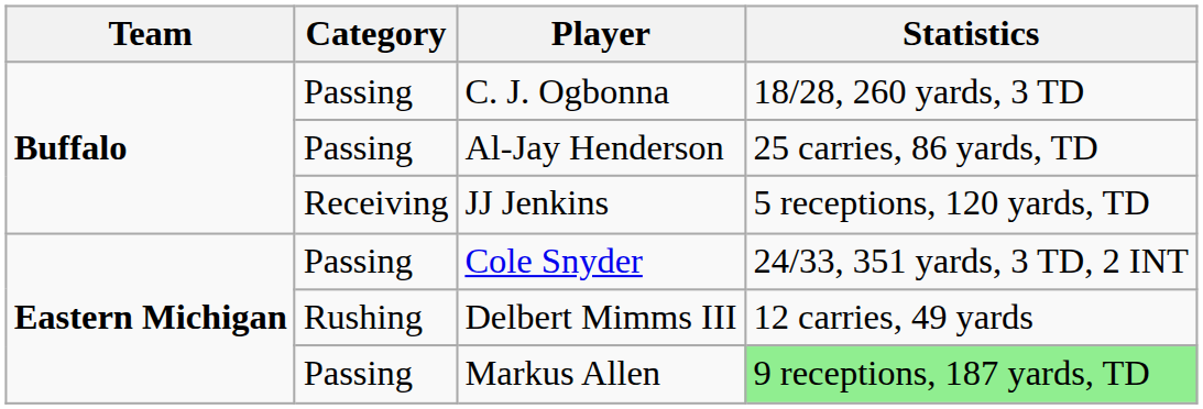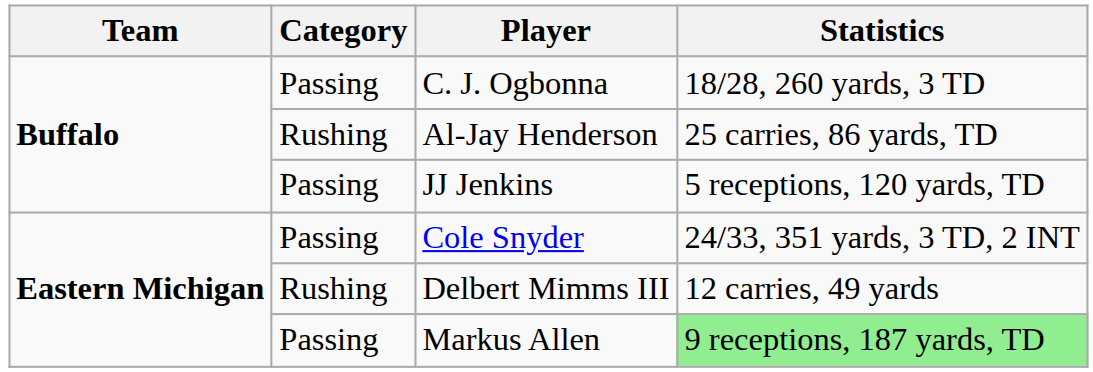 <table class="wikitable" style="float: right;">
 <tr>
 <th>Team</th>
 <th>Category</th>
 <th>Player</th>
 <th>Statistics</th>
 </tr>
 <tr>
 <td rowspan=3><strong>Buffalo</strong></td>
 <td>Passing</td>
 <td>C. J. Ogbonna</td>
 <td>18/28, 260 yards, 3 TD</td>
 </tr>
 <tr>
-<td>Passing</td>
+<td>Rushing</td>
 <td>Al-Jay Henderson</td>
 <td>25 carries, 86 yards, TD</td>
 </tr>
 <tr>
-<td>Receiving</td>
+<td>Passing</td>
 <td>JJ Jenkins</td>
 <td>5 receptions, 120 yards, TD</td>
 </tr>
 <tr>
 <td rowspan=3><strong>Eastern Michigan</strong></td>
 <td>Passing</td>
 <td><a href='#'>Cole Snyder</a></td>
 <td>24/33, 351 yards, 3 TD, 2 INT</td>
 </tr>
 <tr>
 <td>Rushing</td>
 <td>Delbert Mimms III</td>
 <td>12 carries, 49 yards</td>
 </tr>
 <tr>
 <td>Passing</td>
 <td>Markus Allen</td>
 <td style="background: lightgreen;">9 receptions, 187 yards, TD</td>
 </tr>
 </table>
